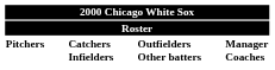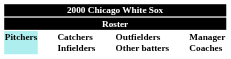 <table class="toccolours" style="font-size: 95%;">
 <tr>
 <th colspan="10" style="background-color: black; color: #FFFFFF; text-align: center;">2000 Chicago White Sox</th>
 </tr>
 <tr>
 <td colspan="10" style="background-color:black; color: white; text-align: center;"><strong>Roster</strong></td>
 </tr>
 <tr>
-<td valign="top"><strong>Pitchers</strong><br>                     </td>
+<td valign="top" style="background: paleturquoise;"><strong>Pitchers</strong><br>                     </td>
 <td width="25px"></td>
 <td valign="top"><strong>Catchers</strong><br>    <strong>Infielders</strong>         </td>
 <td width="25px"></td>
 <td valign="top"><strong>Outfielders</strong><br>      <strong>Other batters</strong> </td>
 <td width="25px"></td>
 <td valign="top"><strong>Manager</strong><br> <strong>Coaches</strong>        </td>
 </tr>
 </table>
